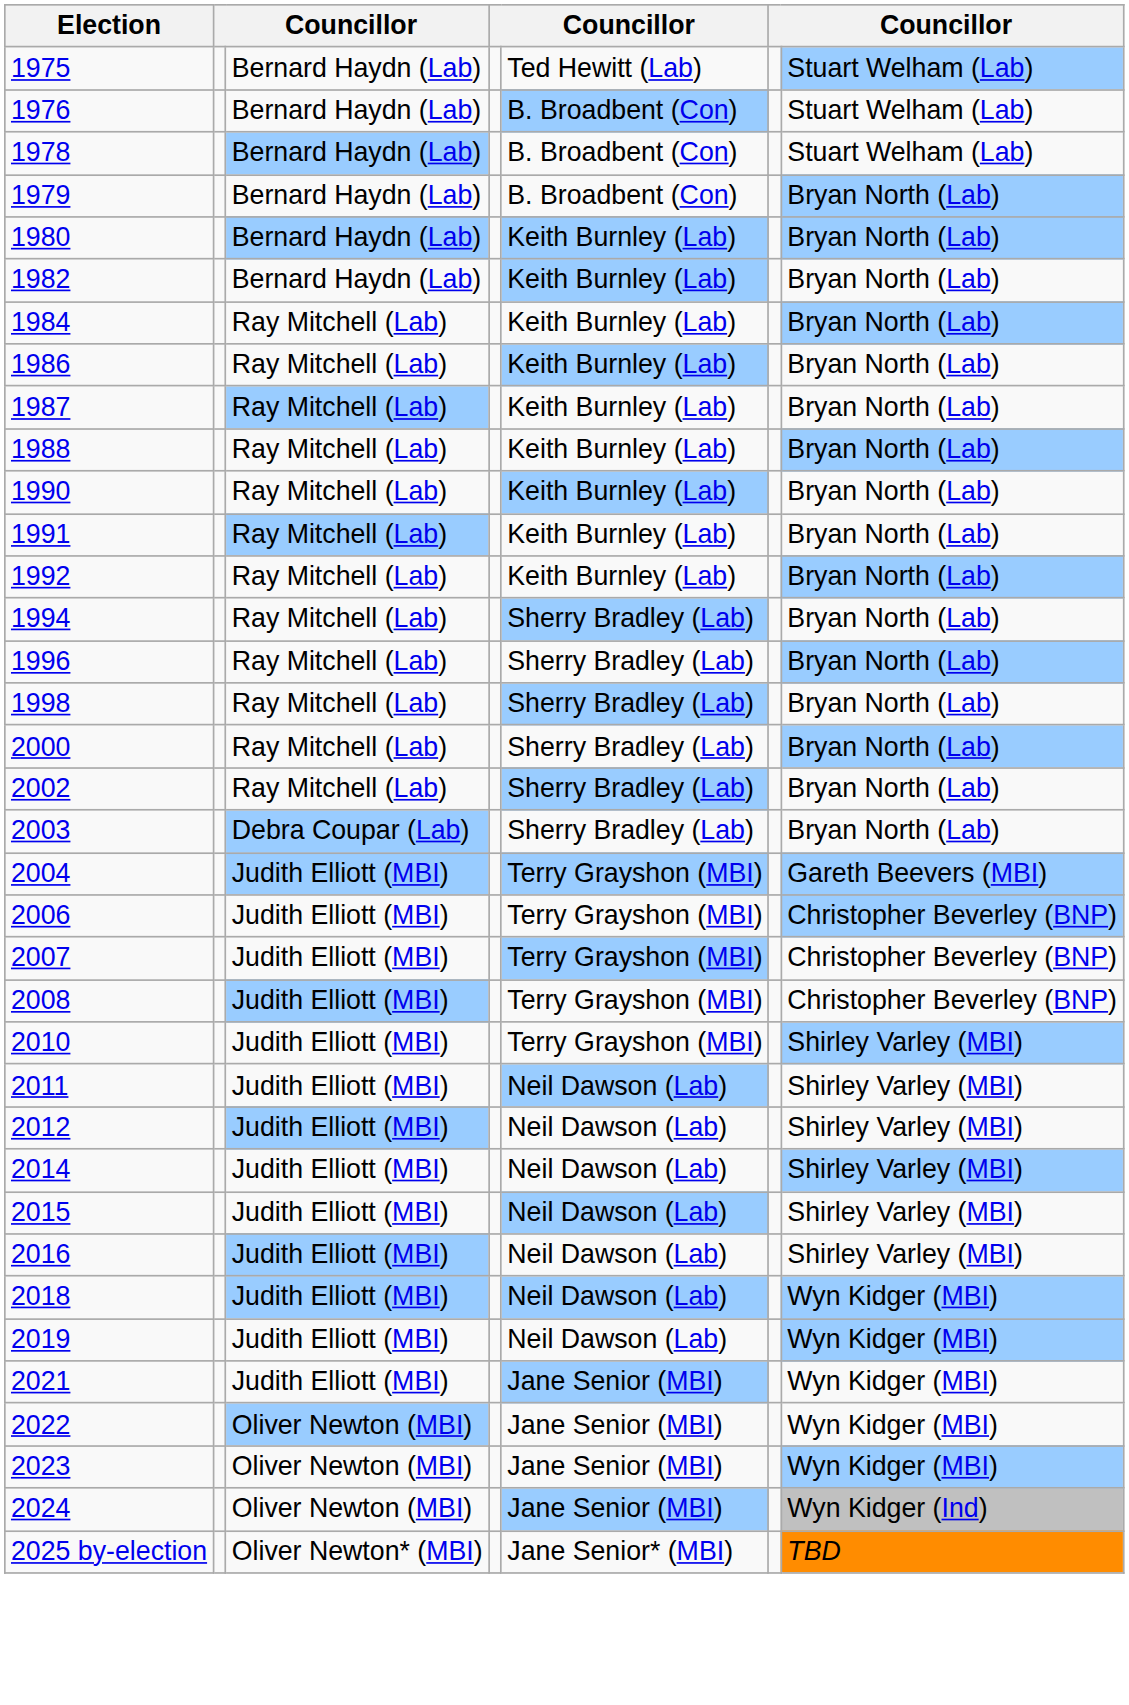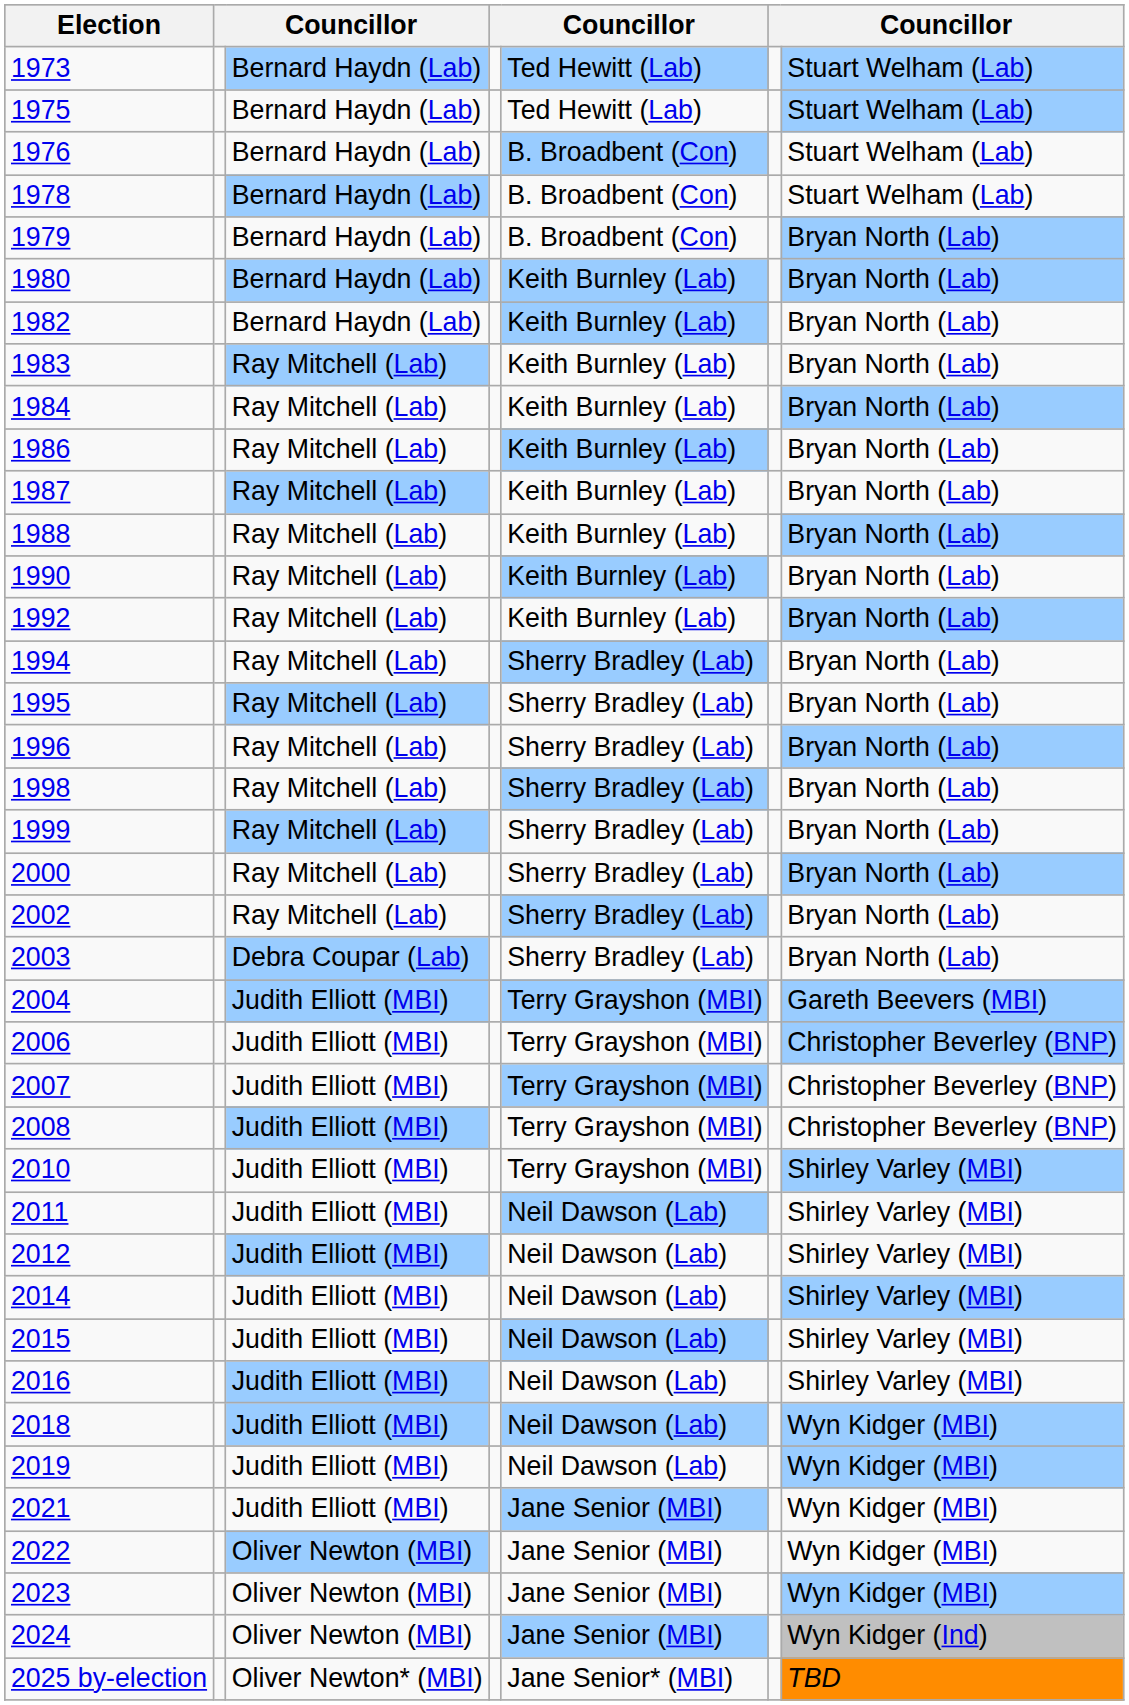 <table class="wikitable">
 <tr>
 <th>Election</th>
 <th colspan="2">Councillor</th>
 <th colspan="2">Councillor</th>
 <th colspan="2">Councillor</th>
+</tr>
+<tr>
+<td><a href='#'>1973</a></td>
+<td style="background-color: "></td>
+<td bgcolor="#99CCFF">Bernard Haydn (<a href='#'>Lab</a>)</td>
+<td style="background-color: "></td>
+<td bgcolor="#99CCFF">Ted Hewitt (<a href='#'>Lab</a>)</td>
+<td style="background-color: "></td>
+<td bgcolor="#99CCFF">Stuart Welham (<a href='#'>Lab</a>)</td>
 </tr>
 <tr>
 <td><a href='#'>1975</a></td>
 <td style="background-color: "></td>
 <td>Bernard Haydn (<a href='#'>Lab</a>)</td>
 <td style="background-color: "></td>
 <td>Ted Hewitt (<a href='#'>Lab</a>)</td>
 <td style="background-color: "></td>
 <td bgcolor="#99CCFF">Stuart Welham (<a href='#'>Lab</a>)</td>
 </tr>
 <tr>
 <td><a href='#'>1976</a></td>
 <td style="background-color: "></td>
 <td>Bernard Haydn (<a href='#'>Lab</a>)</td>
 <td style="background-color: "></td>
 <td bgcolor="#99CCFF">B. Broadbent (<a href='#'>Con</a>)</td>
 <td style="background-color: "></td>
 <td>Stuart Welham (<a href='#'>Lab</a>)</td>
 </tr>
 <tr>
 <td><a href='#'>1978</a></td>
 <td style="background-color: "></td>
 <td bgcolor="#99CCFF">Bernard Haydn (<a href='#'>Lab</a>)</td>
 <td style="background-color: "></td>
 <td>B. Broadbent (<a href='#'>Con</a>)</td>
 <td style="background-color: "></td>
 <td>Stuart Welham (<a href='#'>Lab</a>)</td>
 </tr>
 <tr>
 <td><a href='#'>1979</a></td>
 <td style="background-color: "></td>
 <td>Bernard Haydn (<a href='#'>Lab</a>)</td>
 <td style="background-color: "></td>
 <td>B. Broadbent (<a href='#'>Con</a>)</td>
 <td style="background-color: "></td>
 <td bgcolor="#99CCFF">Bryan North (<a href='#'>Lab</a>)</td>
 </tr>
 <tr>
 <td><a href='#'>1980</a></td>
 <td style="background-color: "></td>
 <td bgcolor="#99CCFF">Bernard Haydn (<a href='#'>Lab</a>)</td>
 <td style="background-color: "></td>
 <td bgcolor="#99CCFF">Keith Burnley (<a href='#'>Lab</a>)</td>
 <td style="background-color: "></td>
 <td bgcolor="#99CCFF">Bryan North (<a href='#'>Lab</a>)</td>
 </tr>
 <tr>
 <td><a href='#'>1982</a></td>
 <td style="background-color: "></td>
 <td>Bernard Haydn (<a href='#'>Lab</a>)</td>
 <td style="background-color: "></td>
 <td bgcolor="#99CCFF">Keith Burnley (<a href='#'>Lab</a>)</td>
 <td style="background-color: "></td>
 <td>Bryan North (<a href='#'>Lab</a>)</td>
 </tr>
 <tr>
+<td><a href='#'>1983</a></td>
+<td style="background-color: "></td>
+<td bgcolor="#99CCFF">Ray Mitchell (<a href='#'>Lab</a>)</td>
+<td style="background-color: "></td>
+<td>Keith Burnley (<a href='#'>Lab</a>)</td>
+<td style="background-color: "></td>
+<td>Bryan North (<a href='#'>Lab</a>)</td>
+</tr>
+<tr>
 <td><a href='#'>1984</a></td>
 <td style="background-color: "></td>
 <td>Ray Mitchell (<a href='#'>Lab</a>)</td>
 <td style="background-color: "></td>
 <td>Keith Burnley (<a href='#'>Lab</a>)</td>
 <td style="background-color: "></td>
 <td bgcolor="#99CCFF">Bryan North (<a href='#'>Lab</a>)</td>
 </tr>
 <tr>
 <td><a href='#'>1986</a></td>
 <td style="background-color: "></td>
 <td>Ray Mitchell (<a href='#'>Lab</a>)</td>
 <td style="background-color: "></td>
 <td bgcolor="#99CCFF">Keith Burnley (<a href='#'>Lab</a>)</td>
 <td style="background-color: "></td>
 <td>Bryan North (<a href='#'>Lab</a>)</td>
 </tr>
 <tr>
 <td><a href='#'>1987</a></td>
 <td style="background-color: "></td>
 <td bgcolor="#99CCFF">Ray Mitchell (<a href='#'>Lab</a>)</td>
 <td style="background-color: "></td>
 <td>Keith Burnley (<a href='#'>Lab</a>)</td>
 <td style="background-color: "></td>
 <td>Bryan North (<a href='#'>Lab</a>)</td>
 </tr>
 <tr>
 <td><a href='#'>1988</a></td>
 <td style="background-color: "></td>
 <td>Ray Mitchell (<a href='#'>Lab</a>)</td>
 <td style="background-color: "></td>
 <td>Keith Burnley (<a href='#'>Lab</a>)</td>
 <td style="background-color: "></td>
 <td bgcolor="#99CCFF">Bryan North (<a href='#'>Lab</a>)</td>
 </tr>
 <tr>
 <td><a href='#'>1990</a></td>
 <td style="background-color: "></td>
 <td>Ray Mitchell (<a href='#'>Lab</a>)</td>
 <td style="background-color: "></td>
 <td bgcolor="#99CCFF">Keith Burnley (<a href='#'>Lab</a>)</td>
 <td style="background-color: "></td>
 <td>Bryan North (<a href='#'>Lab</a>)</td>
 </tr>
 <tr>
-<td><a href='#'>1991</a></td>
-<td style="background-color: "></td>
-<td bgcolor="#99CCFF">Ray Mitchell (<a href='#'>Lab</a>)</td>
-<td style="background-color: "></td>
-<td>Keith Burnley (<a href='#'>Lab</a>)</td>
-<td style="background-color: "></td>
-<td>Bryan North (<a href='#'>Lab</a>)</td>
-</tr>
-<tr>
 <td><a href='#'>1992</a></td>
 <td style="background-color: "></td>
 <td>Ray Mitchell (<a href='#'>Lab</a>)</td>
 <td style="background-color: "></td>
 <td>Keith Burnley (<a href='#'>Lab</a>)</td>
 <td style="background-color: "></td>
 <td bgcolor="#99CCFF">Bryan North (<a href='#'>Lab</a>)</td>
 </tr>
 <tr>
 <td><a href='#'>1994</a></td>
 <td style="background-color: "></td>
 <td>Ray Mitchell (<a href='#'>Lab</a>)</td>
 <td style="background-color: "></td>
 <td bgcolor="#99CCFF">Sherry Bradley (<a href='#'>Lab</a>)</td>
 <td style="background-color: "></td>
 <td>Bryan North (<a href='#'>Lab</a>)</td>
 </tr>
 <tr>
+<td><a href='#'>1995</a></td>
+<td style="background-color: "></td>
+<td bgcolor="#99CCFF">Ray Mitchell (<a href='#'>Lab</a>)</td>
+<td style="background-color: "></td>
+<td>Sherry Bradley (<a href='#'>Lab</a>)</td>
+<td style="background-color: "></td>
+<td>Bryan North (<a href='#'>Lab</a>)</td>
+</tr>
+<tr>
 <td><a href='#'>1996</a></td>
 <td style="background-color: "></td>
 <td>Ray Mitchell (<a href='#'>Lab</a>)</td>
 <td style="background-color: "></td>
 <td>Sherry Bradley (<a href='#'>Lab</a>)</td>
 <td style="background-color: "></td>
 <td bgcolor="#99CCFF">Bryan North (<a href='#'>Lab</a>)</td>
 </tr>
 <tr>
 <td><a href='#'>1998</a></td>
 <td style="background-color: "></td>
 <td>Ray Mitchell (<a href='#'>Lab</a>)</td>
 <td style="background-color: "></td>
 <td bgcolor="#99CCFF">Sherry Bradley (<a href='#'>Lab</a>)</td>
+<td style="background-color: "></td>
+<td>Bryan North (<a href='#'>Lab</a>)</td>
+</tr>
+<tr>
+<td><a href='#'>1999</a></td>
+<td style="background-color: "></td>
+<td bgcolor="#99CCFF">Ray Mitchell (<a href='#'>Lab</a>)</td>
+<td style="background-color: "></td>
+<td>Sherry Bradley (<a href='#'>Lab</a>)</td>
 <td style="background-color: "></td>
 <td>Bryan North (<a href='#'>Lab</a>)</td>
 </tr>
 <tr>
 <td><a href='#'>2000</a></td>
 <td style="background-color: "></td>
 <td>Ray Mitchell (<a href='#'>Lab</a>)</td>
 <td style="background-color: "></td>
 <td>Sherry Bradley (<a href='#'>Lab</a>)</td>
 <td style="background-color: "></td>
 <td bgcolor="#99CCFF">Bryan North (<a href='#'>Lab</a>)</td>
 </tr>
 <tr>
 <td><a href='#'>2002</a></td>
 <td style="background-color: "></td>
 <td>Ray Mitchell (<a href='#'>Lab</a>)</td>
 <td style="background-color: "></td>
 <td bgcolor="#99CCFF">Sherry Bradley (<a href='#'>Lab</a>)</td>
 <td style="background-color: "></td>
 <td>Bryan North (<a href='#'>Lab</a>)</td>
 </tr>
 <tr>
 <td><a href='#'>2003</a></td>
 <td style="background-color: "></td>
 <td bgcolor="#99CCFF">Debra Coupar (<a href='#'>Lab</a>)</td>
 <td style="background-color: "></td>
 <td>Sherry Bradley (<a href='#'>Lab</a>)</td>
 <td style="background-color: "></td>
 <td>Bryan North (<a href='#'>Lab</a>)</td>
 </tr>
 <tr>
 <td><a href='#'>2004</a></td>
 <td style="background-color: "></td>
 <td bgcolor="#99CCFF">Judith Elliott (<a href='#'>MBI</a>)</td>
 <td style="background-color: "></td>
 <td bgcolor="#99CCFF">Terry Grayshon (<a href='#'>MBI</a>)</td>
 <td style="background-color: "></td>
 <td bgcolor="#99CCFF">Gareth Beevers (<a href='#'>MBI</a>)</td>
 </tr>
 <tr>
 <td><a href='#'>2006</a></td>
 <td style="background-color: "></td>
 <td>Judith Elliott (<a href='#'>MBI</a>)</td>
 <td style="background-color: "></td>
 <td>Terry Grayshon (<a href='#'>MBI</a>)</td>
 <td style="background-color: "></td>
 <td bgcolor="#99CCFF">Christopher Beverley (<a href='#'>BNP</a>)</td>
 </tr>
 <tr>
 <td><a href='#'>2007</a></td>
 <td style="background-color: "></td>
 <td>Judith Elliott (<a href='#'>MBI</a>)</td>
 <td style="background-color: "></td>
 <td bgcolor="#99CCFF">Terry Grayshon (<a href='#'>MBI</a>)</td>
 <td style="background-color: "></td>
 <td>Christopher Beverley (<a href='#'>BNP</a>)</td>
 </tr>
 <tr>
 <td><a href='#'>2008</a></td>
 <td style="background-color: "></td>
 <td bgcolor="#99CCFF">Judith Elliott (<a href='#'>MBI</a>)</td>
 <td style="background-color: "></td>
 <td>Terry Grayshon (<a href='#'>MBI</a>)</td>
 <td style="background-color: "></td>
 <td>Christopher Beverley (<a href='#'>BNP</a>)</td>
 </tr>
 <tr>
 <td><a href='#'>2010</a></td>
 <td style="background-color: "></td>
 <td>Judith Elliott (<a href='#'>MBI</a>)</td>
 <td style="background-color: "></td>
 <td>Terry Grayshon (<a href='#'>MBI</a>)</td>
 <td style="background-color: "></td>
 <td bgcolor="#99CCFF">Shirley Varley (<a href='#'>MBI</a>)</td>
 </tr>
 <tr>
 <td><a href='#'>2011</a></td>
 <td style="background-color: "></td>
 <td>Judith Elliott (<a href='#'>MBI</a>)</td>
 <td style="background-color: "></td>
 <td bgcolor="#99CCFF">Neil Dawson (<a href='#'>Lab</a>)</td>
 <td style="background-color: "></td>
 <td>Shirley Varley (<a href='#'>MBI</a>)</td>
 </tr>
 <tr>
 <td><a href='#'>2012</a></td>
 <td style="background-color: "></td>
 <td bgcolor="#99CCFF">Judith Elliott (<a href='#'>MBI</a>)</td>
 <td style="background-color: "></td>
 <td>Neil Dawson (<a href='#'>Lab</a>)</td>
 <td style="background-color: "></td>
 <td>Shirley Varley (<a href='#'>MBI</a>)</td>
 </tr>
 <tr>
 <td><a href='#'>2014</a></td>
 <td style="background-color: "></td>
 <td>Judith Elliott  (<a href='#'>MBI</a>)</td>
 <td style="background-color: "></td>
 <td>Neil Dawson (<a href='#'>Lab</a>)</td>
 <td style="background-color: "></td>
 <td bgcolor="#99CCFF">Shirley Varley (<a href='#'>MBI</a>)</td>
 </tr>
 <tr>
 <td><a href='#'>2015</a></td>
 <td style="background-color: "></td>
 <td>Judith Elliott  (<a href='#'>MBI</a>)</td>
 <td style="background-color: "></td>
 <td bgcolor="#99CCFF">Neil Dawson (<a href='#'>Lab</a>)</td>
 <td style="background-color: "></td>
 <td>Shirley Varley (<a href='#'>MBI</a>)</td>
 </tr>
 <tr>
 <td><a href='#'>2016</a></td>
 <td style="background-color: "></td>
 <td bgcolor="#99CCFF">Judith Elliott  (<a href='#'>MBI</a>)</td>
 <td style="background-color: "></td>
 <td>Neil Dawson (<a href='#'>Lab</a>)</td>
 <td style="background-color: "></td>
 <td>Shirley Varley (<a href='#'>MBI</a>)</td>
 </tr>
 <tr>
 <td><a href='#'>2018</a></td>
 <td style="background-color: "></td>
 <td bgcolor="#99CCFF">Judith Elliott  (<a href='#'>MBI</a>)</td>
 <td style="background-color: "></td>
 <td bgcolor="#99CCFF">Neil Dawson (<a href='#'>Lab</a>)</td>
 <td style="background-color: "></td>
 <td bgcolor="#99CCFF">Wyn Kidger (<a href='#'>MBI</a>)</td>
 </tr>
 <tr>
 <td><a href='#'>2019</a></td>
 <td style="background-color: "></td>
 <td>Judith Elliott  (<a href='#'>MBI</a>)</td>
 <td style="background-color: "></td>
 <td>Neil Dawson (<a href='#'>Lab</a>)</td>
 <td style="background-color: "></td>
 <td bgcolor="#99CCFF">Wyn Kidger (<a href='#'>MBI</a>)</td>
 </tr>
 <tr>
 <td><a href='#'>2021</a></td>
 <td style="background-color: "></td>
 <td>Judith Elliott  (<a href='#'>MBI</a>)</td>
 <td style="background-color: "></td>
 <td bgcolor="#99CCFF">Jane Senior (<a href='#'>MBI</a>)</td>
 <td style="background-color: "></td>
 <td>Wyn Kidger (<a href='#'>MBI</a>)</td>
 </tr>
 <tr>
 <td><a href='#'>2022</a></td>
 <td style="background-color: "></td>
 <td bgcolor="#99CCFF">Oliver Newton (<a href='#'>MBI</a>)</td>
 <td style="background-color: "></td>
 <td>Jane Senior (<a href='#'>MBI</a>)</td>
 <td style="background-color: "></td>
 <td>Wyn Kidger (<a href='#'>MBI</a>)</td>
 </tr>
 <tr>
 <td><a href='#'>2023</a></td>
 <td style="background-color: "></td>
 <td>Oliver Newton (<a href='#'>MBI</a>)</td>
 <td style="background-color: "></td>
 <td>Jane Senior (<a href='#'>MBI</a>)</td>
 <td style="background-color: "></td>
 <td bgcolor="#99CCFF">Wyn Kidger (<a href='#'>MBI</a>)</td>
 </tr>
 <tr>
 <td><a href='#'>2024</a></td>
 <td style="background-color: "></td>
 <td>Oliver Newton (<a href='#'>MBI</a>)</td>
 <td style="background-color: "></td>
 <td bgcolor="#99CCFF">Jane Senior (<a href='#'>MBI</a>)</td>
 <td style="background-color: "></td>
 <td bgcolor="#C0C0C0">Wyn Kidger (<a href='#'>Ind</a>)</td>
 </tr>
 <tr>
 <td><a href='#'>2025 by-election</a></td>
 <td style="background-color: "></td>
 <td>Oliver Newton* (<a href='#'>MBI</a>)</td>
 <td style="background-color: "></td>
 <td>Jane Senior* (<a href='#'>MBI</a>)</td>
 <td></td>
 <td bgcolor="#FF8C00"><em>TBD</em></td>
 </tr>
 </table>
